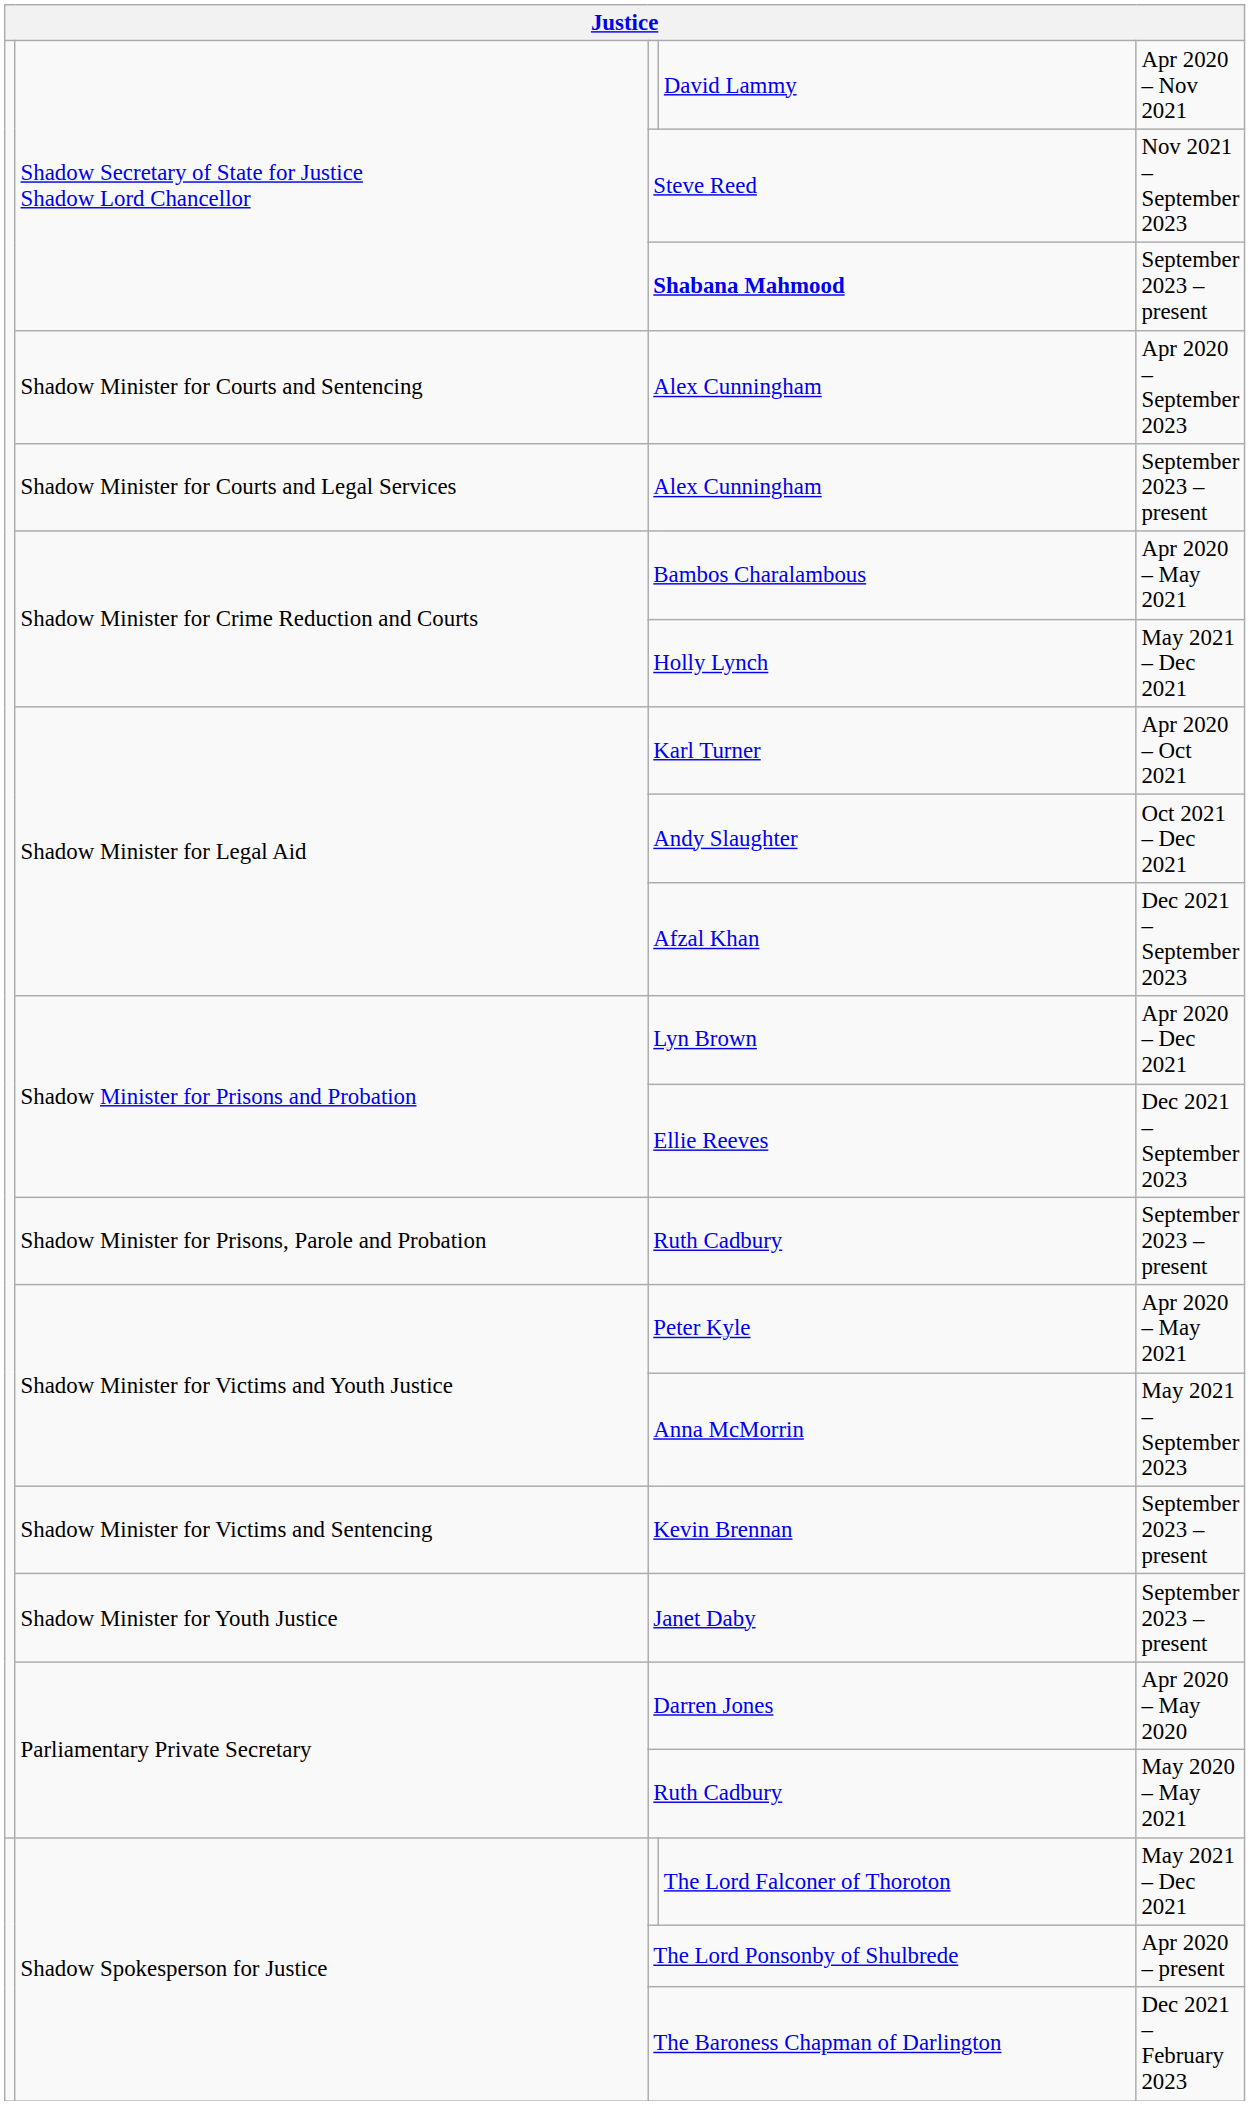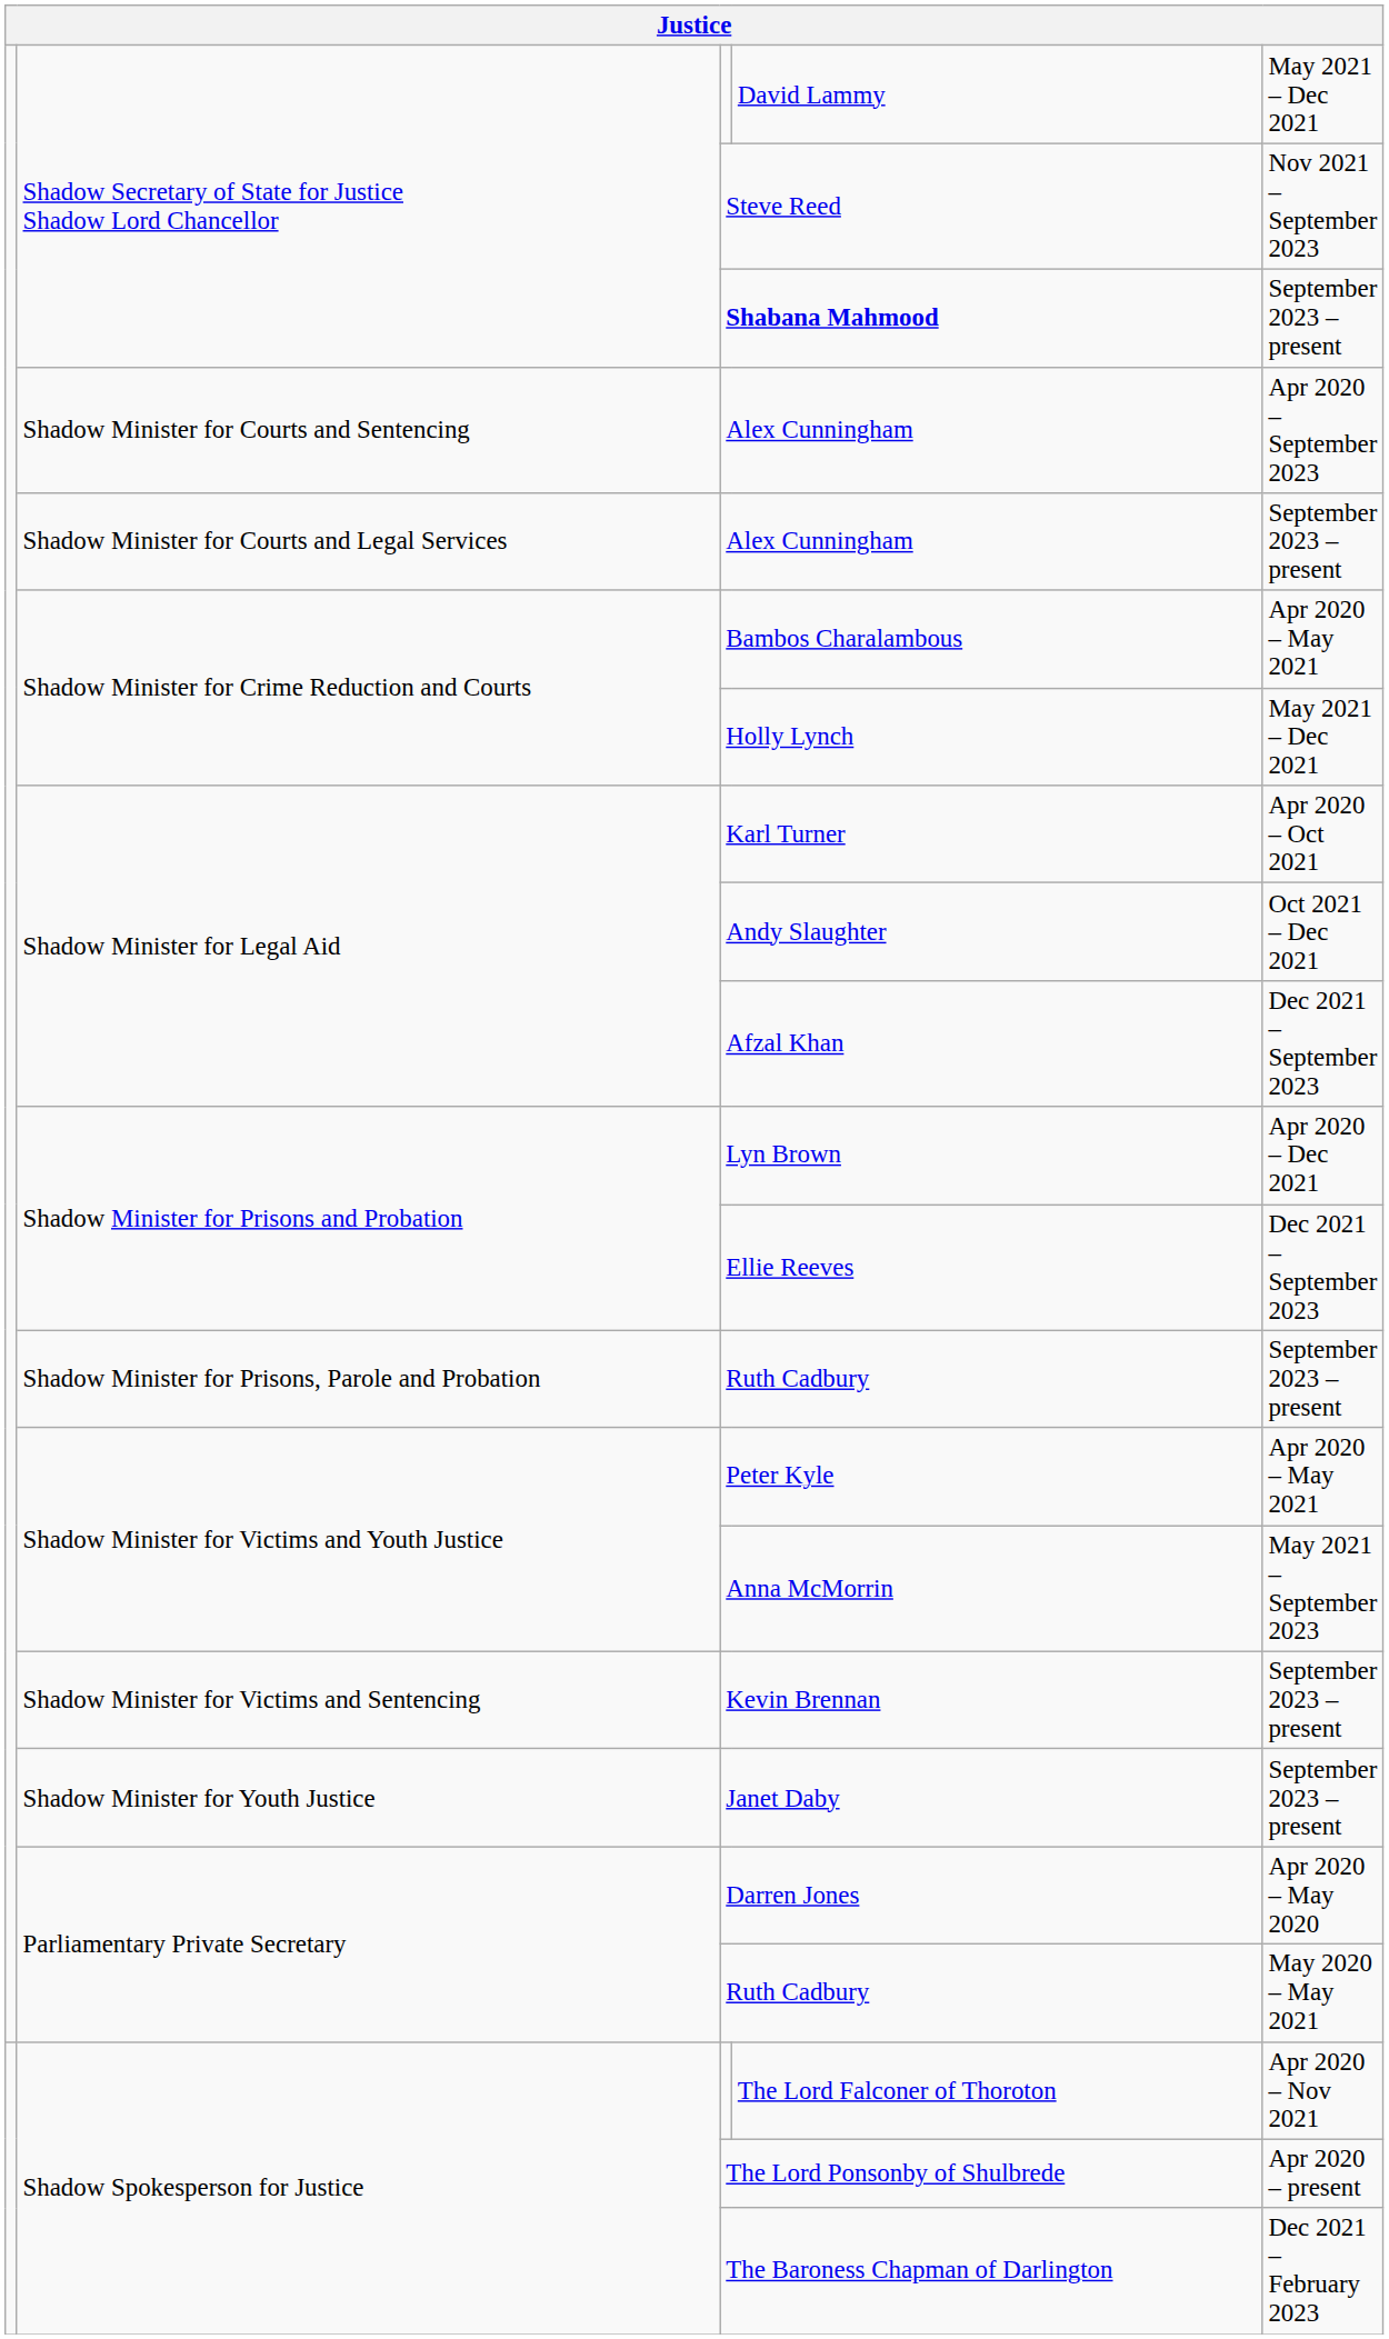 <table class="wikitable">
 <tr>
 <th colspan="5"><a href='#'>Justice</a></th>
 </tr>
 <tr>
 <td rowspan="19" style="background: "></td>
 <td rowspan="3" style="width: 450px;"><a href='#'>Shadow Secretary of State for Justice</a><br><a href='#'>Shadow Lord Chancellor</a></td>
 <td style="background: "></td>
 <td style="width: 337px;"><a href='#'>David Lammy</a></td>
-<td>Apr 2020 – Nov 2021</td>
+<td>May 2021 – Dec 2021</td>
 </tr>
 <tr>
 <td colspan="2"><a href='#'>Steve Reed</a></td>
 <td>Nov 2021 – September 2023</td>
 </tr>
 <tr>
 <td colspan="2"><strong><a href='#'>Shabana Mahmood</a></strong></td>
 <td>September 2023 – present</td>
 </tr>
 <tr>
 <td>Shadow Minister for Courts and Sentencing</td>
 <td colspan="2"><a href='#'>Alex Cunningham</a></td>
 <td>Apr 2020 – September 2023</td>
 </tr>
 <tr>
 <td>Shadow Minister for Courts and Legal Services</td>
 <td colspan="2"><a href='#'>Alex Cunningham</a></td>
 <td>September 2023 – present</td>
 </tr>
 <tr>
 <td rowspan="2">Shadow Minister for Crime Reduction and Courts</td>
 <td colspan="2"><a href='#'>Bambos Charalambous</a></td>
 <td>Apr 2020 – May 2021</td>
 </tr>
 <tr>
 <td colspan="2"><a href='#'>Holly Lynch</a></td>
 <td>May 2021 – Dec 2021</td>
 </tr>
 <tr>
 <td rowspan="3">Shadow Minister for Legal Aid</td>
 <td colspan="2"><a href='#'>Karl Turner</a></td>
 <td>Apr 2020 – Oct 2021</td>
 </tr>
 <tr>
 <td colspan="2"><a href='#'>Andy Slaughter</a></td>
 <td>Oct 2021 – Dec 2021</td>
 </tr>
 <tr>
 <td colspan="2"><a href='#'>Afzal Khan</a></td>
 <td>Dec 2021 – September 2023</td>
 </tr>
 <tr>
 <td rowspan="2">Shadow <a href='#'>Minister for Prisons and Probation</a></td>
 <td colspan="2"><a href='#'>Lyn Brown</a></td>
 <td>Apr 2020 – Dec 2021</td>
 </tr>
 <tr>
 <td colspan="2"><a href='#'>Ellie Reeves</a></td>
 <td>Dec 2021 – September 2023</td>
 </tr>
 <tr>
 <td>Shadow Minister for Prisons, Parole and Probation</td>
 <td colspan="2"><a href='#'>Ruth Cadbury</a></td>
 <td>September 2023 – present</td>
 </tr>
 <tr>
 <td rowspan="2">Shadow Minister for Victims and Youth Justice</td>
 <td colspan="2"><a href='#'>Peter Kyle</a></td>
 <td>Apr 2020 – May 2021</td>
 </tr>
 <tr>
 <td colspan="2"><a href='#'>Anna McMorrin</a></td>
 <td>May 2021 – September 2023</td>
 </tr>
 <tr>
 <td>Shadow Minister for Victims and Sentencing</td>
 <td colspan="2"><a href='#'>Kevin Brennan</a></td>
 <td>September 2023 – present</td>
 </tr>
 <tr>
 <td>Shadow Minister for Youth Justice</td>
 <td colspan="2"><a href='#'>Janet Daby</a></td>
 <td>September 2023 – present</td>
 </tr>
 <tr>
 <td rowspan="2">Parliamentary Private Secretary</td>
 <td colspan="2"><a href='#'>Darren Jones</a></td>
 <td>Apr 2020 – May 2020</td>
 </tr>
 <tr>
 <td colspan="2"><a href='#'>Ruth Cadbury</a></td>
 <td>May 2020 – May 2021</td>
 </tr>
 <tr>
 <td rowspan="3" style="background: "></td>
 <td rowspan="3">Shadow Spokesperson for Justice</td>
 <td style="background: "></td>
 <td><a href='#'>The Lord Falconer of Thoroton</a></td>
-<td>May 2021 – Dec 2021</td>
+<td>Apr 2020 – Nov 2021</td>
 </tr>
 <tr>
 <td colspan="2"><a href='#'>The Lord Ponsonby of Shulbrede</a></td>
 <td>Apr 2020 – present</td>
 </tr>
 <tr>
 <td colspan="2"><a href='#'>The Baroness Chapman of Darlington</a></td>
 <td>Dec 2021 – February 2023</td>
 </tr>
 </table>
